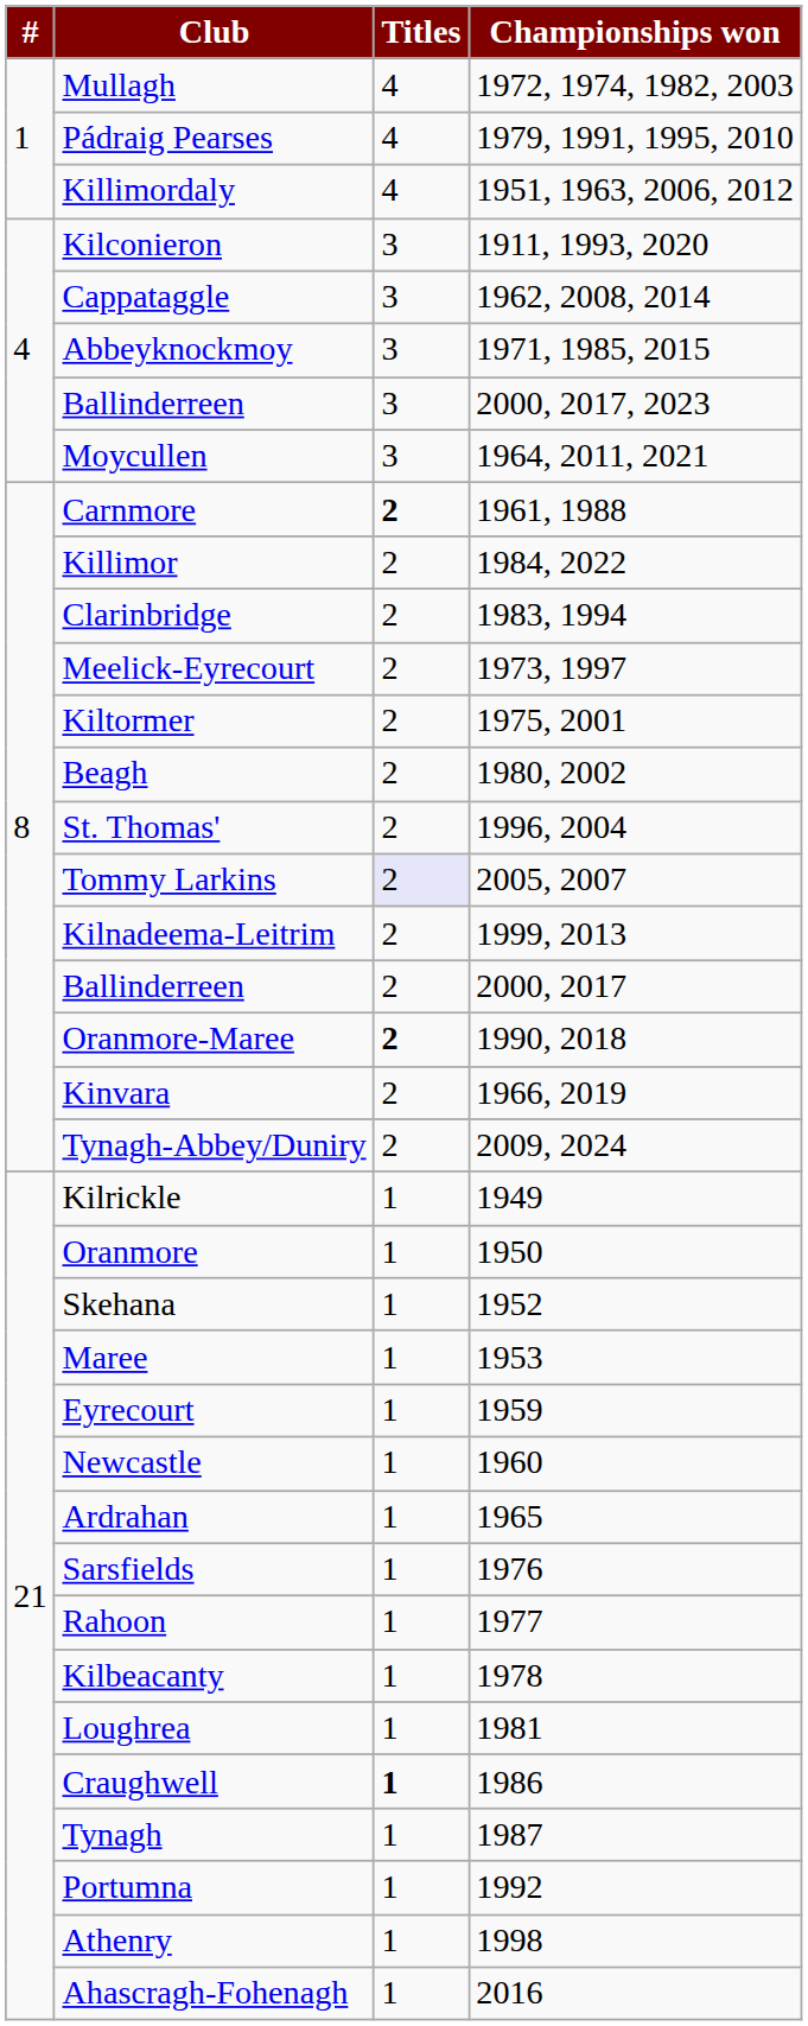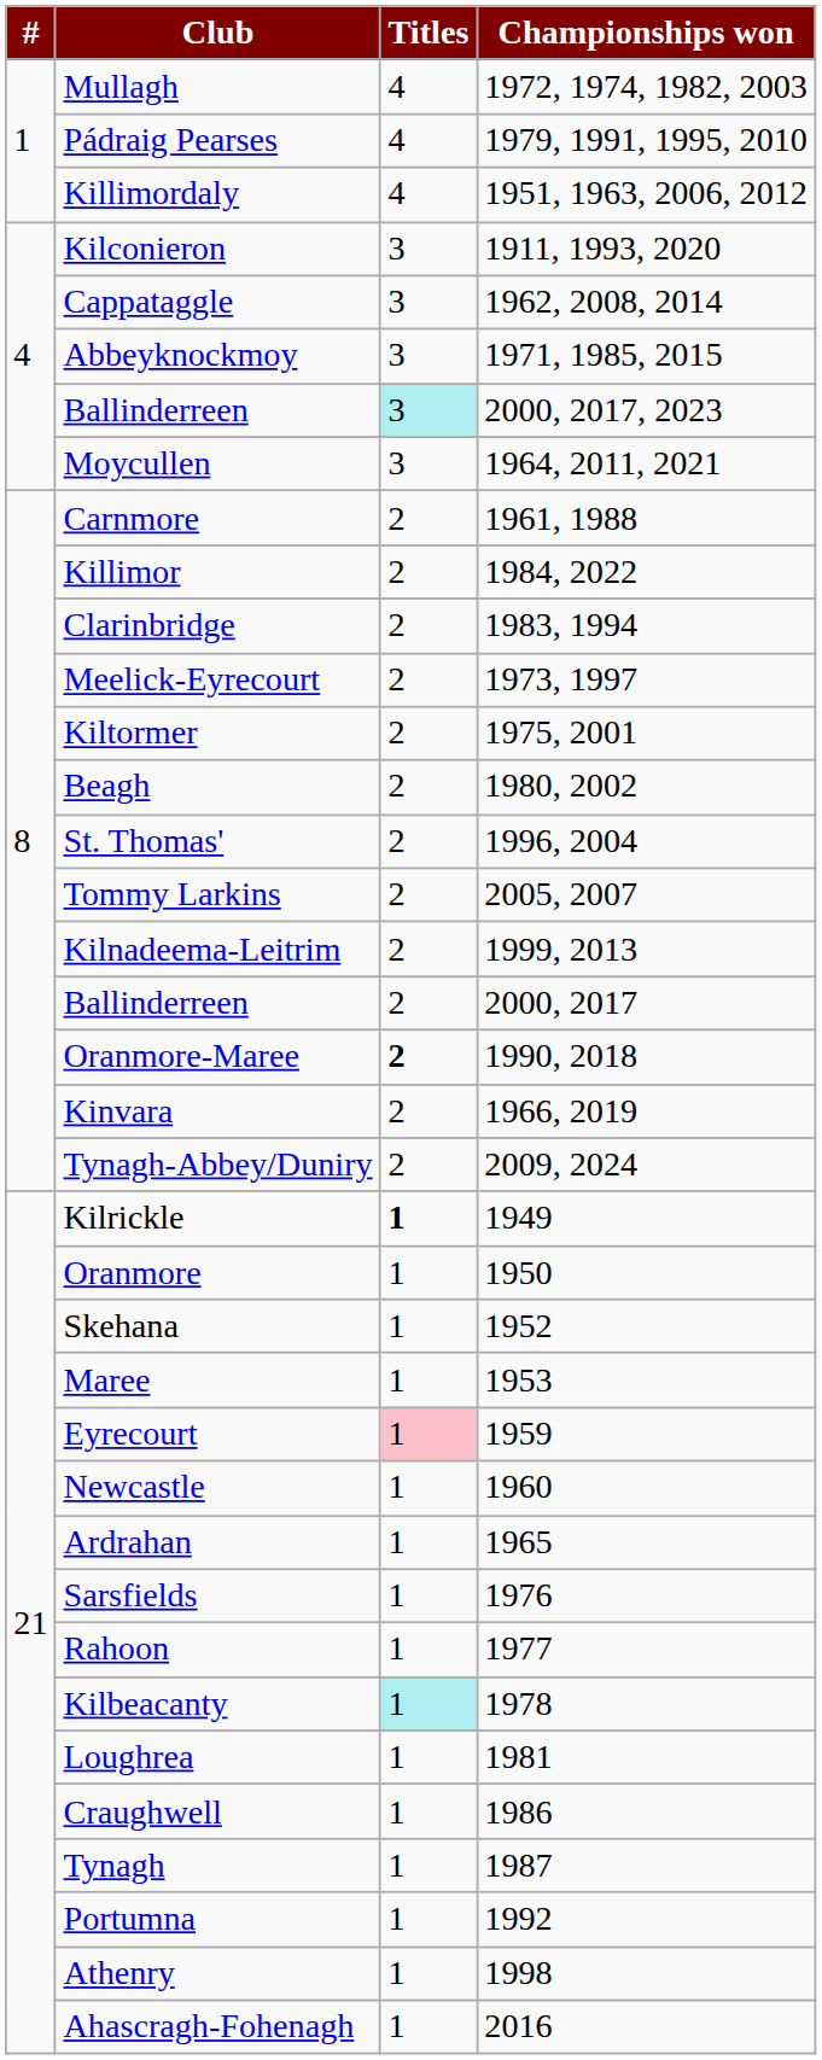 <table class="wikitable sortable">
 <tr>
 <th style="background:maroon;color:white">#</th>
 <th style="background:maroon;color:white">Club</th>
 <th style="background:maroon;color:white">Titles</th>
 <th style="background:maroon;color:white">Championships won</th>
 </tr>
 <tr>
 <td rowspan="3">1</td>
 <td><a href='#'>Mullagh</a></td>
 <td>4</td>
 <td>1972, 1974, 1982, 2003</td>
 </tr>
 <tr>
 <td><a href='#'>Pádraig Pearses</a></td>
 <td>4</td>
 <td>1979, 1991, 1995, 2010</td>
 </tr>
 <tr>
 <td><a href='#'>Killimordaly</a></td>
 <td>4</td>
 <td>1951, 1963, 2006, 2012</td>
 </tr>
 <tr>
 <td rowspan="5">4</td>
 <td><a href='#'>Kilconieron</a></td>
 <td>3</td>
 <td>1911, 1993, 2020</td>
 </tr>
 <tr>
 <td><a href='#'>Cappataggle</a></td>
 <td>3</td>
 <td>1962, 2008, 2014</td>
 </tr>
 <tr>
 <td><a href='#'>Abbeyknockmoy</a></td>
 <td>3</td>
 <td>1971, 1985, 2015</td>
 </tr>
 <tr>
 <td><a href='#'>Ballinderreen</a></td>
-<td>3</td>
+<td style="background: paleturquoise;">3</td>
 <td>2000, 2017, 2023</td>
 </tr>
 <tr>
 <td><a href='#'>Moycullen</a></td>
 <td>3</td>
 <td>1964, 2011, 2021</td>
 </tr>
 <tr>
 <td rowspan="13">8</td>
 <td><a href='#'>Carnmore</a></td>
-<td><strong>2</strong></td>
+<td>2</td>
 <td>1961, 1988</td>
 </tr>
 <tr>
 <td><a href='#'>Killimor</a></td>
 <td>2</td>
 <td>1984, 2022</td>
 </tr>
 <tr>
 <td><a href='#'>Clarinbridge</a></td>
 <td>2</td>
 <td>1983, 1994</td>
 </tr>
 <tr>
 <td><a href='#'>Meelick-Eyrecourt</a></td>
 <td>2</td>
 <td>1973, 1997</td>
 </tr>
 <tr>
 <td><a href='#'>Kiltormer</a></td>
 <td>2</td>
 <td>1975, 2001</td>
 </tr>
 <tr>
 <td><a href='#'>Beagh</a></td>
 <td>2</td>
 <td>1980, 2002</td>
 </tr>
 <tr>
 <td><a href='#'>St. Thomas'</a></td>
 <td>2</td>
 <td>1996, 2004</td>
 </tr>
 <tr>
 <td><a href='#'>Tommy Larkins</a></td>
-<td style="background: lavender;">2</td>
+<td>2</td>
 <td>2005, 2007</td>
 </tr>
 <tr>
 <td><a href='#'>Kilnadeema-Leitrim</a></td>
 <td>2</td>
 <td>1999, 2013</td>
 </tr>
 <tr>
 <td><a href='#'>Ballinderreen</a></td>
 <td>2</td>
 <td>2000, 2017</td>
 </tr>
 <tr>
 <td><a href='#'>Oranmore-Maree</a></td>
 <td><strong>2</strong></td>
 <td>1990, 2018</td>
 </tr>
 <tr>
 <td><a href='#'>Kinvara</a></td>
 <td>2</td>
 <td>1966, 2019</td>
 </tr>
 <tr>
 <td><a href='#'>Tynagh-Abbey/Duniry</a></td>
 <td>2</td>
 <td>2009, 2024</td>
 </tr>
 <tr>
 <td rowspan="16">21</td>
 <td>Kilrickle</td>
-<td>1</td>
+<td><strong>1</strong></td>
 <td>1949</td>
 </tr>
 <tr>
 <td><a href='#'>Oranmore</a></td>
 <td>1</td>
 <td>1950</td>
 </tr>
 <tr>
 <td>Skehana</td>
 <td>1</td>
 <td>1952</td>
 </tr>
 <tr>
 <td><a href='#'>Maree</a></td>
 <td>1</td>
 <td>1953</td>
 </tr>
 <tr>
 <td><a href='#'>Eyrecourt</a></td>
-<td>1</td>
+<td style="background: pink;">1</td>
 <td>1959</td>
 </tr>
 <tr>
 <td><a href='#'>Newcastle</a></td>
 <td>1</td>
 <td>1960</td>
 </tr>
 <tr>
 <td><a href='#'>Ardrahan</a></td>
 <td>1</td>
 <td>1965</td>
 </tr>
 <tr>
 <td><a href='#'>Sarsfields</a></td>
 <td>1</td>
 <td>1976</td>
 </tr>
 <tr>
 <td><a href='#'>Rahoon</a></td>
 <td>1</td>
 <td>1977</td>
 </tr>
 <tr>
 <td><a href='#'>Kilbeacanty</a></td>
-<td>1</td>
+<td style="background: paleturquoise;">1</td>
 <td>1978</td>
 </tr>
 <tr>
 <td><a href='#'>Loughrea</a></td>
 <td>1</td>
 <td>1981</td>
 </tr>
 <tr>
 <td><a href='#'>Craughwell</a></td>
-<td><strong>1</strong></td>
+<td>1</td>
 <td>1986</td>
 </tr>
 <tr>
 <td><a href='#'>Tynagh</a></td>
 <td>1</td>
 <td>1987</td>
 </tr>
 <tr>
 <td><a href='#'>Portumna</a></td>
 <td>1</td>
 <td>1992</td>
 </tr>
 <tr>
 <td><a href='#'>Athenry</a></td>
 <td>1</td>
 <td>1998</td>
 </tr>
 <tr>
 <td><a href='#'>Ahascragh-Fohenagh</a></td>
 <td>1</td>
 <td>2016</td>
 </tr>
 </table>
